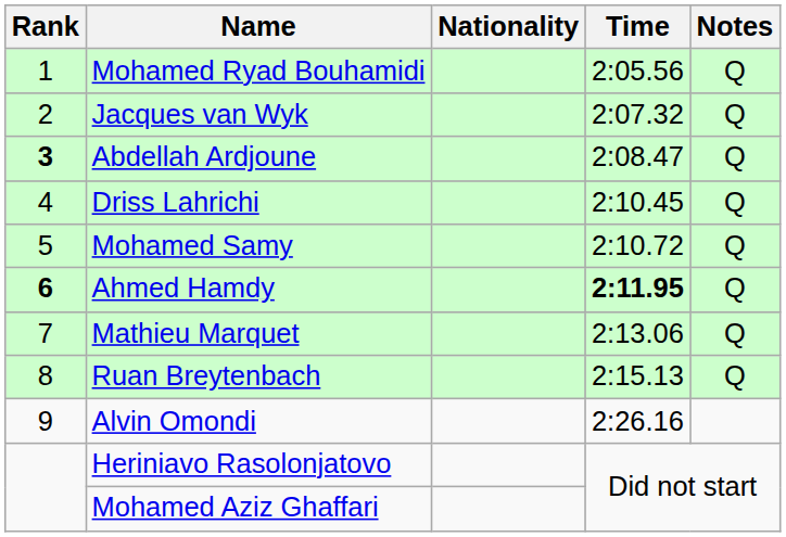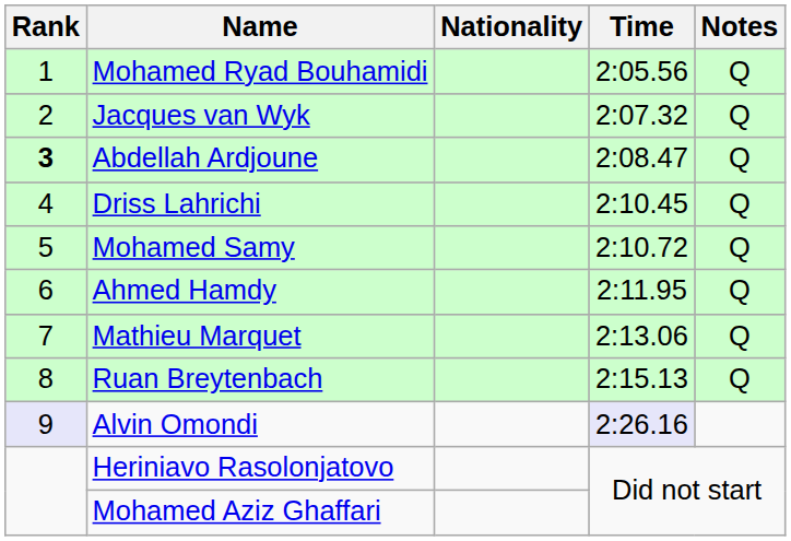 <table class="wikitable sortable" style="text-align:center">
 <tr>
 <th>Rank</th>
 <th>Name</th>
 <th>Nationality</th>
 <th>Time</th>
 <th>Notes</th>
 </tr>
 <tr bgcolor=ccffcc>
 <td>1</td>
 <td align=left><a href='#'>Mohamed Ryad Bouhamidi</a></td>
 <td align=left></td>
 <td>2:05.56</td>
 <td>Q</td>
 </tr>
 <tr bgcolor=ccffcc>
 <td>2</td>
 <td align=left><a href='#'>Jacques van Wyk</a></td>
 <td align=left></td>
 <td>2:07.32</td>
 <td>Q</td>
 </tr>
 <tr bgcolor=ccffcc>
 <td><strong>3</strong></td>
 <td align=left><a href='#'>Abdellah Ardjoune</a></td>
 <td align=left></td>
 <td>2:08.47</td>
 <td>Q</td>
 </tr>
 <tr bgcolor=ccffcc>
 <td>4</td>
 <td align=left><a href='#'>Driss Lahrichi</a></td>
 <td align=left></td>
 <td>2:10.45</td>
 <td>Q</td>
 </tr>
 <tr bgcolor=ccffcc>
 <td>5</td>
 <td align=left><a href='#'>Mohamed Samy</a></td>
 <td align=left></td>
 <td>2:10.72</td>
 <td>Q</td>
 </tr>
 <tr bgcolor=ccffcc>
-<td><strong>6</strong></td>
+<td>6</td>
 <td align=left><a href='#'>Ahmed Hamdy</a></td>
 <td align=left></td>
-<td><strong>2:11.95</strong></td>
+<td>2:11.95</td>
 <td>Q</td>
 </tr>
 <tr bgcolor=ccffcc>
 <td>7</td>
 <td align=left><a href='#'>Mathieu Marquet</a></td>
 <td align=left></td>
 <td>2:13.06</td>
 <td>Q</td>
 </tr>
 <tr bgcolor=ccffcc>
 <td>8</td>
 <td align=left><a href='#'>Ruan Breytenbach</a></td>
 <td align=left></td>
 <td>2:15.13</td>
 <td>Q</td>
 </tr>
 <tr>
-<td>9</td>
+<td style="background: lavender;">9</td>
 <td align=left><a href='#'>Alvin Omondi</a></td>
 <td align=left></td>
-<td>2:26.16</td>
+<td style="background: lavender;">2:26.16</td>
 <td></td>
 </tr>
 <tr>
 <td rowspan=2></td>
 <td align=left><a href='#'>Heriniavo Rasolonjatovo</a></td>
 <td align=left></td>
 <td colspan=2 rowspan=2>Did not start</td>
 </tr>
 <tr>
 <td align=left><a href='#'>Mohamed Aziz Ghaffari</a></td>
 <td align=left></td>
 </tr>
 </table>
